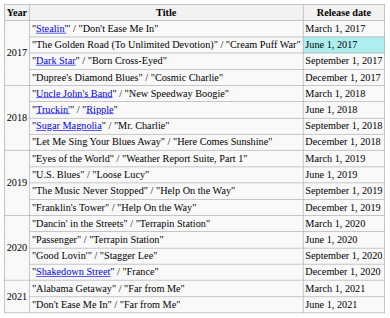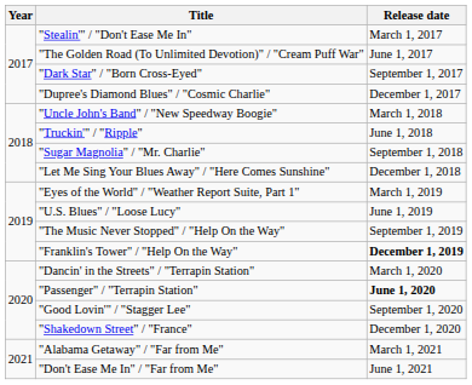 <table class="wikitable">
 <tr>
 <th scope="col">Year</th>
 <th scope="col">Title</th>
 <th scope="col">Release date</th>
 </tr>
 <tr>
 <td rowspan="4">2017</td>
 <td>"<a href='#'>Stealin'</a>" / "Don't Ease Me In"</td>
 <td>March 1, 2017</td>
 </tr>
 <tr>
 <td>"The Golden Road (To Unlimited Devotion)" / "Cream Puff War"</td>
-<td style="background: paleturquoise;">June 1, 2017</td>
+<td>June 1, 2017</td>
 </tr>
 <tr>
 <td>"<a href='#'>Dark Star</a>" / "Born Cross-Eyed"</td>
 <td>September 1, 2017</td>
 </tr>
 <tr>
 <td>"Dupree's Diamond Blues" / "Cosmic Charlie"</td>
 <td>December 1, 2017</td>
 </tr>
 <tr>
 <td rowspan="4">2018</td>
 <td>"<a href='#'>Uncle John's Band</a>" / "New Speedway Boogie"</td>
 <td>March 1, 2018</td>
 </tr>
 <tr>
 <td>"<a href='#'>Truckin'</a>" / "<a href='#'>Ripple</a>"</td>
 <td>June 1, 2018</td>
 </tr>
 <tr>
 <td>"<a href='#'>Sugar Magnolia</a>" / "Mr. Charlie"</td>
 <td>September 1, 2018</td>
 </tr>
 <tr>
 <td>"Let Me Sing Your Blues Away" / "Here Comes Sunshine"</td>
 <td>December 1, 2018</td>
 </tr>
 <tr>
 <td rowspan="4">2019</td>
 <td>"Eyes of the World" / "Weather Report Suite, Part 1"</td>
 <td>March 1, 2019</td>
 </tr>
 <tr>
 <td>"U.S. Blues" / "Loose Lucy"</td>
 <td>June 1, 2019</td>
 </tr>
 <tr>
 <td>"The Music Never Stopped" / "Help On the Way"</td>
 <td>September 1, 2019</td>
 </tr>
 <tr>
 <td>"Franklin's Tower" / "Help On the Way"</td>
-<td>December 1, 2019</td>
+<td><strong>December 1, 2019</strong></td>
 </tr>
 <tr>
 <td rowspan="4">2020</td>
 <td>"Dancin' in the Streets" / "Terrapin Station"</td>
 <td>March 1, 2020</td>
 </tr>
 <tr>
 <td>"Passenger" / "Terrapin Station"</td>
-<td>June 1, 2020</td>
+<td><strong>June 1, 2020</strong></td>
 </tr>
 <tr>
 <td>"Good Lovin'" / "Stagger Lee"</td>
 <td>September 1, 2020</td>
 </tr>
 <tr>
 <td>"<a href='#'>Shakedown Street</a>" / "France"</td>
 <td>December 1, 2020</td>
 </tr>
 <tr>
 <td rowspan="2">2021</td>
 <td>"Alabama Getaway" / "Far from Me"</td>
 <td>March 1, 2021</td>
 </tr>
 <tr>
 <td>"Don't Ease Me In" / "Far from Me"</td>
 <td>June 1, 2021</td>
 </tr>
 </table>
